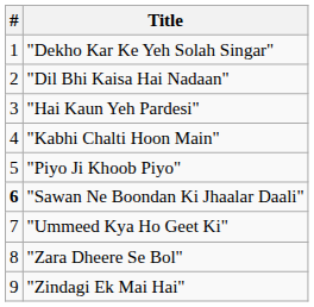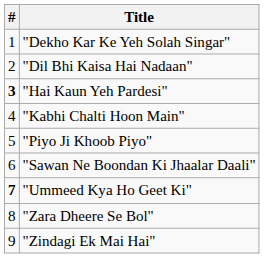 <table class="wikitable" style="font-size:95%;">
 <tr>
 <th>#</th>
 <th>Title</th>
 </tr>
 <tr>
 <td>1</td>
 <td>"Dekho Kar Ke Yeh Solah Singar"</td>
 </tr>
 <tr>
 <td>2</td>
 <td>"Dil Bhi Kaisa Hai Nadaan"</td>
 </tr>
 <tr>
-<td>3</td>
+<td><strong>3</strong></td>
 <td>"Hai Kaun Yeh Pardesi"</td>
 </tr>
 <tr>
 <td>4</td>
 <td>"Kabhi Chalti Hoon Main"</td>
 </tr>
 <tr>
 <td>5</td>
 <td>"Piyo Ji Khoob Piyo"</td>
 </tr>
 <tr>
-<td><strong>6</strong></td>
+<td>6</td>
 <td>"Sawan Ne Boondan Ki Jhaalar Daali"</td>
 </tr>
 <tr>
-<td>7</td>
+<td><strong>7</strong></td>
 <td>"Ummeed Kya Ho Geet Ki"</td>
 </tr>
 <tr>
 <td>8</td>
 <td>"Zara Dheere Se Bol"</td>
 </tr>
 <tr>
 <td>9</td>
 <td>"Zindagi Ek Mai Hai"</td>
 </tr>
 </table>
